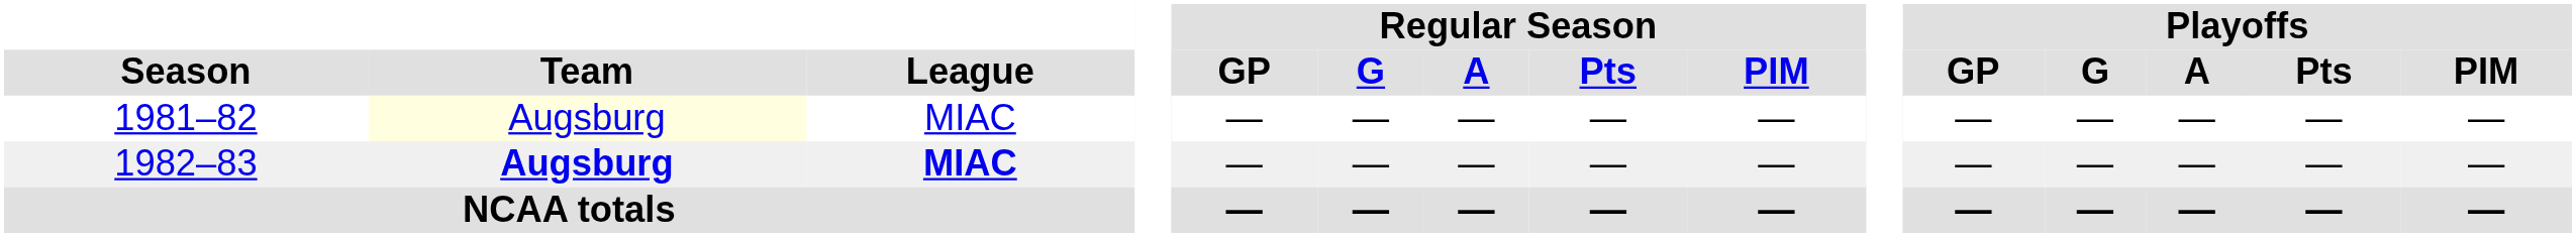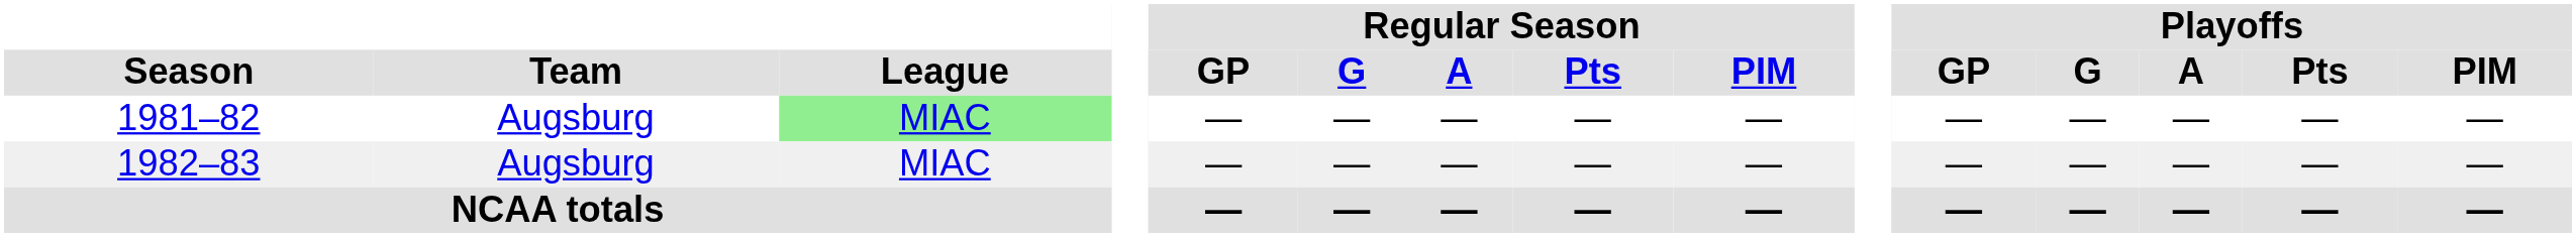 <table border="0" cellpadding="1" cellspacing="0" style="text-align:center; width:70em">
 <tr bgcolor="#e0e0e0">
 <th colspan="3"  bgcolor="#ffffff"> </th>
 <th rowspan="99" bgcolor="#ffffff"> </th>
 <th colspan="5">Regular Season</th>
 <th rowspan="99" bgcolor="#ffffff"> </th>
 <th colspan="5">Playoffs</th>
 </tr>
 <tr bgcolor="#e0e0e0">
 <th>Season</th>
 <th>Team</th>
 <th>League</th>
 <th>GP</th>
 <th><a href='#'>G</a></th>
 <th><a href='#'>A</a></th>
 <th><a href='#'>Pts</a></th>
 <th><a href='#'>PIM</a></th>
 <th>GP</th>
 <th>G</th>
 <th>A</th>
 <th>Pts</th>
 <th>PIM</th>
 </tr>
 <tr>
 <td><a href='#'>1981–82</a></td>
-<td style="background: lightyellow;"><a href='#'>Augsburg</a></td>
-<td><a href='#'>MIAC</a></td>
+<td><a href='#'>Augsburg</a></td>
+<td style="background: lightgreen;"><a href='#'>MIAC</a></td>
 <td>—</td>
 <td>—</td>
 <td>—</td>
 <td>—</td>
 <td>—</td>
 <td>—</td>
 <td>—</td>
 <td>—</td>
 <td>—</td>
 <td>—</td>
 </tr>
 <tr bgcolor="f0f0f0">
 <td><a href='#'>1982–83</a></td>
-<td><strong><a href='#'>Augsburg</a></strong></td>
-<td><strong><a href='#'>MIAC</a></strong></td>
+<td><a href='#'>Augsburg</a></td>
+<td><a href='#'>MIAC</a></td>
 <td>—</td>
 <td>—</td>
 <td>—</td>
 <td>—</td>
 <td>—</td>
 <td>—</td>
 <td>—</td>
 <td>—</td>
 <td>—</td>
 <td>—</td>
 </tr>
 <tr bgcolor="#e0e0e0">
 <th colspan="3">NCAA totals</th>
 <th>—</th>
 <th>—</th>
 <th>—</th>
 <th>—</th>
 <th>—</th>
 <th>—</th>
 <th>—</th>
 <th>—</th>
 <th>—</th>
 <th>—</th>
 </tr>
 </table>
